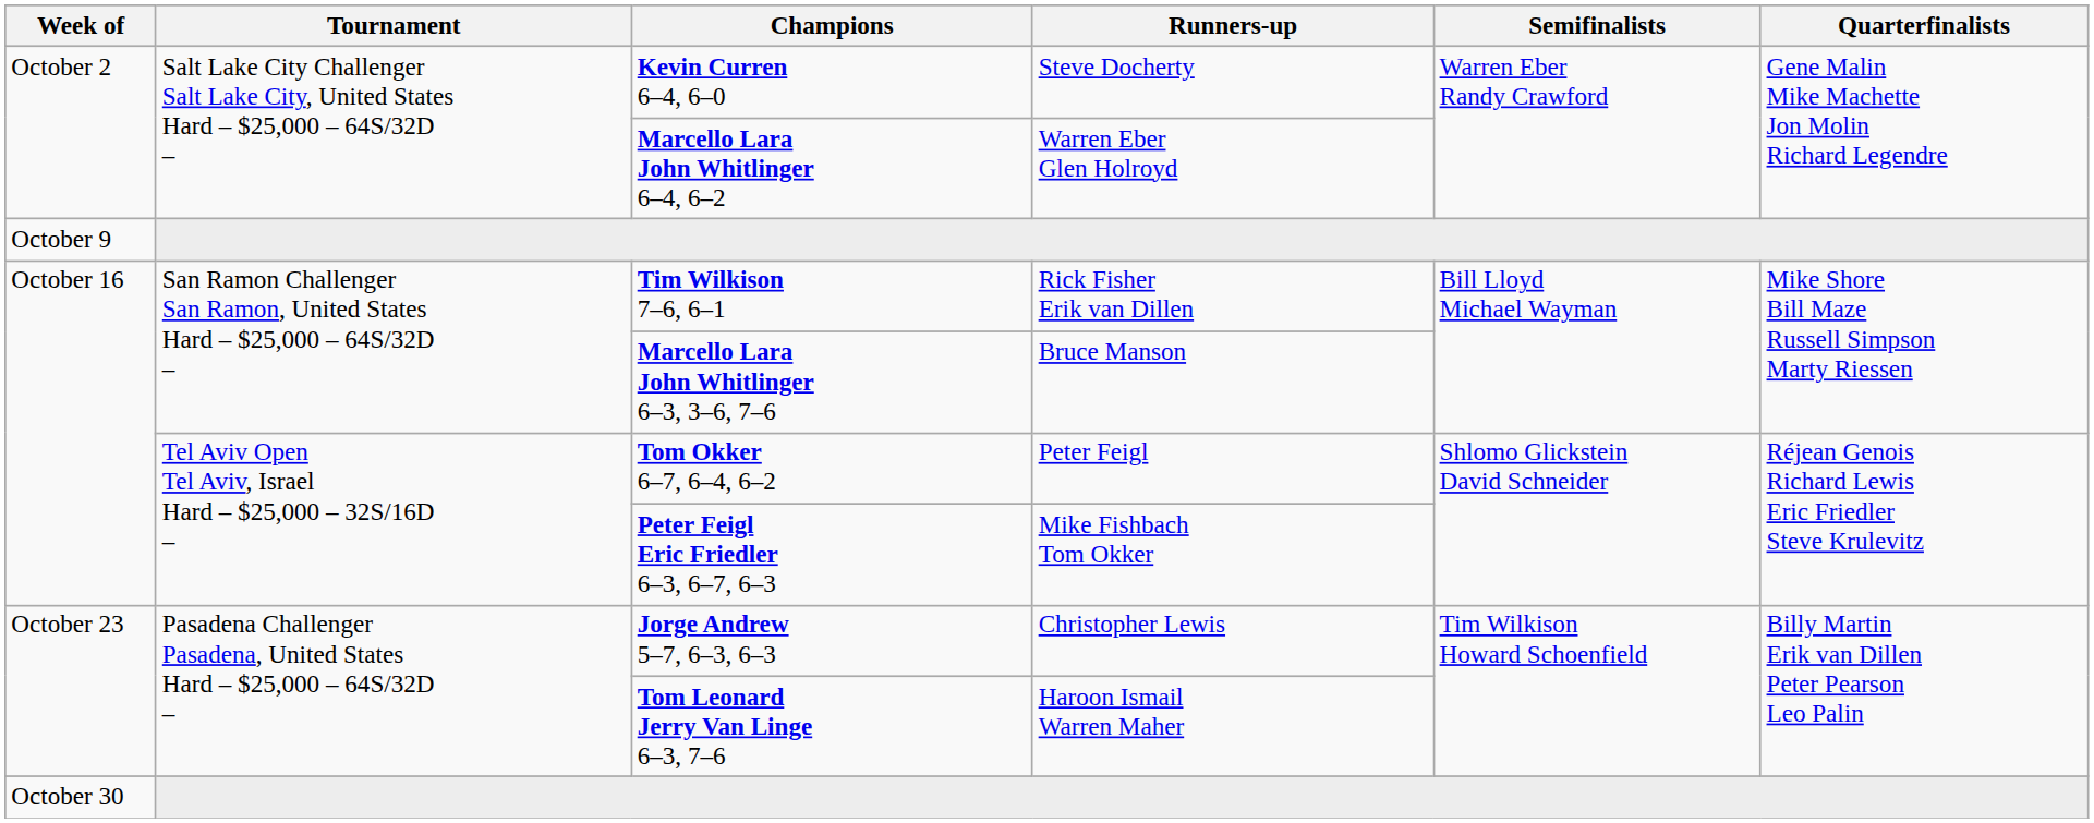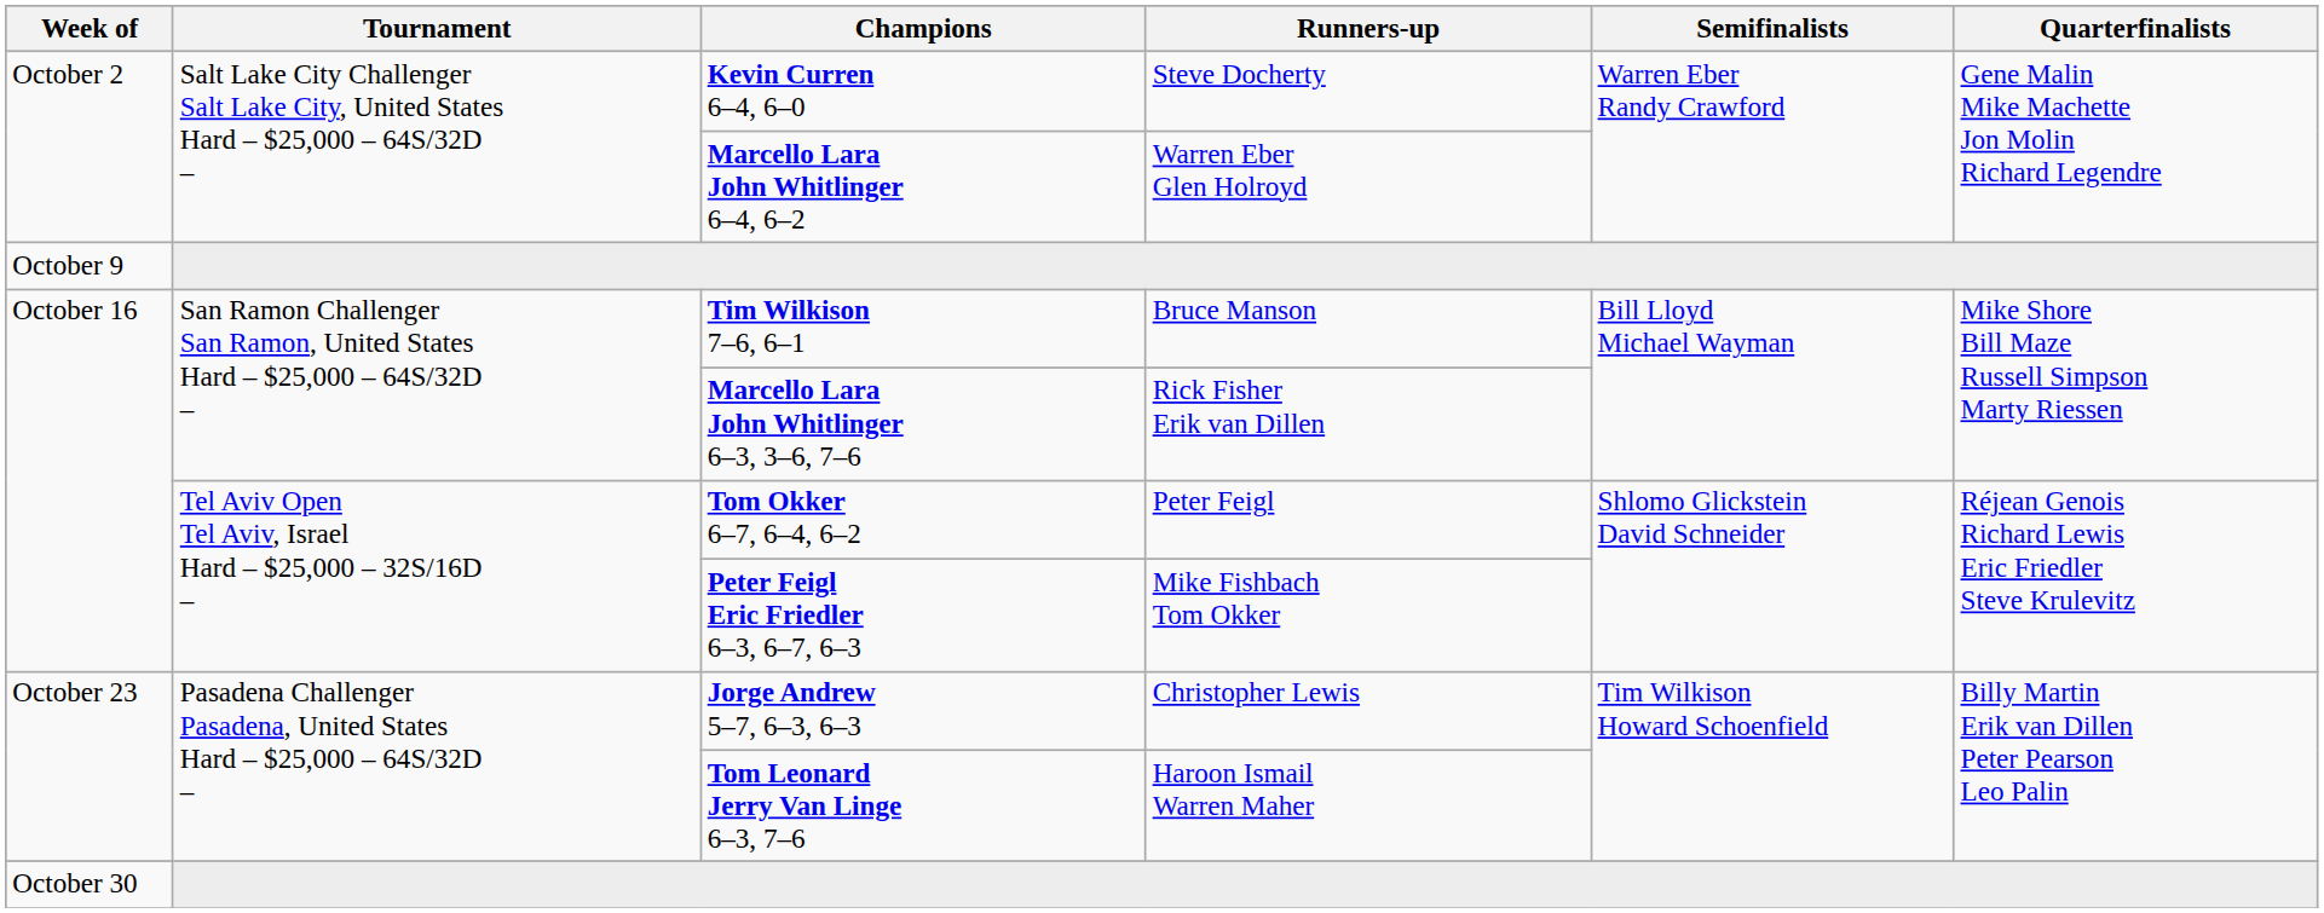 <table class="wikitable" style="font-size:85%;">
 <tr>
 <th width="75">Week of</th>
 <th width="250">Tournament</th>
 <th width="210">Champions</th>
 <th width="210">Runners-up</th>
 <th width="170">Semifinalists</th>
 <th width="170">Quarterfinalists</th>
 </tr>
 <tr valign="top">
 <td rowspan="2">October 2</td>
 <td rowspan="2">Salt Lake City Challenger<br> <a href='#'>Salt Lake City</a>, United States<br>Hard – $25,000 – 64S/32D<br>  – </td>
 <td> <strong><a href='#'>Kevin Curren</a></strong> <br>6–4, 6–0</td>
 <td> <a href='#'>Steve Docherty</a></td>
 <td rowspan="2"> <a href='#'>Warren Eber</a> <br>  <a href='#'>Randy Crawford</a></td>
 <td rowspan="2"> <a href='#'>Gene Malin</a> <br> <a href='#'>Mike Machette</a> <br> <a href='#'>Jon Molin</a> <br>  <a href='#'>Richard Legendre</a></td>
 </tr>
 <tr valign="top">
 <td> <strong><a href='#'>Marcello Lara</a></strong> <br> <strong><a href='#'>John Whitlinger</a></strong><br>6–4, 6–2</td>
 <td> <a href='#'>Warren Eber</a><br>  <a href='#'>Glen Holroyd</a></td>
 </tr>
 <tr valign="top">
 <td rowspan="1">October 9</td>
 <td colspan="5" bgcolor="#ededed"></td>
 </tr>
 <tr valign="top">
 <td rowspan="4">October 16</td>
 <td rowspan="2">San Ramon Challenger<br> <a href='#'>San Ramon</a>, United States<br>Hard – $25,000 – 64S/32D<br>  – </td>
 <td> <strong><a href='#'>Tim Wilkison</a></strong> <br>7–6, 6–1</td>
-<td> <a href='#'>Rick Fisher</a><br>  <a href='#'>Erik van Dillen</a></td>
+<td> <a href='#'>Bruce Manson</a></td>
 <td rowspan="2"> <a href='#'>Bill Lloyd</a> <br>  <a href='#'>Michael Wayman</a></td>
 <td rowspan="2"> <a href='#'>Mike Shore</a> <br> <a href='#'>Bill Maze</a> <br> <a href='#'>Russell Simpson</a> <br>  <a href='#'>Marty Riessen</a></td>
 </tr>
 <tr valign="top">
 <td> <strong><a href='#'>Marcello Lara</a></strong> <br> <strong><a href='#'>John Whitlinger</a></strong><br>6–3, 3–6, 7–6</td>
-<td> <a href='#'>Bruce Manson</a></td>
+<td> <a href='#'>Rick Fisher</a><br>  <a href='#'>Erik van Dillen</a></td>
 </tr>
 <tr valign="top">
 <td rowspan="2"><a href='#'>Tel Aviv Open</a><br> <a href='#'>Tel Aviv</a>, Israel<br>Hard – $25,000 – 32S/16D<br>  – </td>
 <td> <strong><a href='#'>Tom Okker</a></strong> <br>6–7, 6–4, 6–2</td>
 <td> <a href='#'>Peter Feigl</a></td>
 <td rowspan="2"> <a href='#'>Shlomo Glickstein</a> <br>  <a href='#'>David Schneider</a></td>
 <td rowspan="2"> <a href='#'>Réjean Genois</a> <br> <a href='#'>Richard Lewis</a> <br> <a href='#'>Eric Friedler</a> <br>  <a href='#'>Steve Krulevitz</a></td>
 </tr>
 <tr valign="top">
 <td> <strong><a href='#'>Peter Feigl</a></strong> <br> <strong><a href='#'>Eric Friedler</a></strong><br>6–3, 6–7, 6–3</td>
 <td> <a href='#'>Mike Fishbach</a><br>  <a href='#'>Tom Okker</a></td>
 </tr>
 <tr valign="top">
 <td rowspan="2">October 23</td>
 <td rowspan="2">Pasadena Challenger<br> <a href='#'>Pasadena</a>, United States<br>Hard – $25,000 – 64S/32D<br>  – </td>
 <td> <strong><a href='#'>Jorge Andrew</a></strong> <br>5–7, 6–3, 6–3</td>
 <td> <a href='#'>Christopher Lewis</a></td>
 <td rowspan="2"> <a href='#'>Tim Wilkison</a> <br>  <a href='#'>Howard Schoenfield</a></td>
 <td rowspan="2"> <a href='#'>Billy Martin</a> <br> <a href='#'>Erik van Dillen</a> <br> <a href='#'>Peter Pearson</a> <br>  <a href='#'>Leo Palin</a></td>
 </tr>
 <tr valign="top">
 <td> <strong><a href='#'>Tom Leonard</a></strong> <br> <strong><a href='#'>Jerry Van Linge</a></strong><br>6–3, 7–6</td>
 <td> <a href='#'>Haroon Ismail</a><br>  <a href='#'>Warren Maher</a></td>
 </tr>
 <tr valign="top">
 <td rowspan="1">October 30</td>
 <td colspan="5" bgcolor="#ededed"></td>
 </tr>
 </table>
